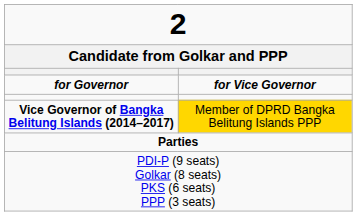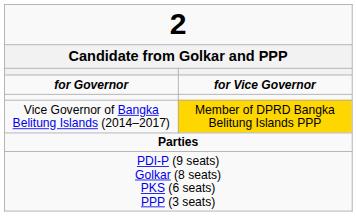 <table class="wikitable" style="font-size:90%; text-align:center;">
 <tr>
 <td colspan=2><big><big><big><big><big><strong>2</strong></big></big></big></big></big></td>
 </tr>
 <tr>
 <th colspan=2><strong><big>Candidate from Golkar and PPP</big></strong></th>
 </tr>
 <tr>
 <th style="width:3em; font-size:135%; background:#"><a href='#'></a></th>
 <th style="width:3em; font-size:135%; background:#"></th>
 </tr>
 <tr style="color:#000; font-size:100%; background:#">
 <td style="width:3em; width:200px;"><strong><em>for Governor</em></strong></td>
 <td style="width:3em; width:200px;"><strong><em>for Vice Governor</em></strong></td>
 </tr>
 <tr>
 <td></td>
 <td></td>
 </tr>
 <tr>
-<td><strong>Vice Governor of <a href='#'>Bangka Belitung Islands</a> (2014–2017)</strong></td>
+<td>Vice Governor of <a href='#'>Bangka Belitung Islands</a> (2014–2017)</td>
 <td style="background: gold;">Member of DPRD Bangka Belitung Islands PPP</td>
 </tr>
 <tr>
 <td colspan=2 style="background:#"><strong>Parties</strong></td>
 </tr>
 <tr>
 <td colspan=2> <a href='#'>PDI-P</a> (9 seats)<br><a href='#'>Golkar</a> (8 seats)<br><a href='#'>PKS</a> (6 seats)<br><a href='#'>PPP</a> (3 seats)</td>
 </tr>
 </table>
